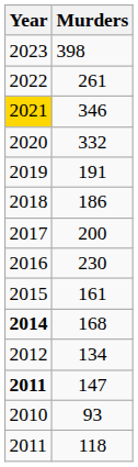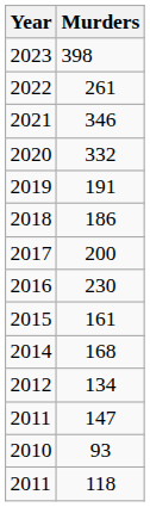 <table class="wikitable">
 <tr>
 <th>Year</th>
 <th>Murders</th>
 </tr>
 <tr>
 <td>2023</td>
 <td>398</td>
 </tr>
 <tr>
 <td>2022</td>
 <td align=center>261</td>
 </tr>
 <tr>
-<td style="background: gold;">2021</td>
+<td>2021</td>
 <td align=center>346</td>
 </tr>
 <tr>
 <td>2020</td>
 <td align=center>332</td>
 </tr>
 <tr>
 <td>2019</td>
 <td align=center>191</td>
 </tr>
 <tr>
 <td>2018</td>
 <td align=center>186</td>
 </tr>
 <tr>
 <td>2017</td>
 <td align=center>200</td>
 </tr>
 <tr>
 <td>2016</td>
 <td align=center>230</td>
 </tr>
 <tr>
 <td>2015</td>
 <td align=center>161</td>
 </tr>
 <tr>
-<td><strong>2014</strong></td>
+<td>2014</td>
 <td align=center>168</td>
 </tr>
 <tr>
 <td>2012</td>
 <td align=center>134</td>
 </tr>
 <tr>
-<td><strong>2011</strong></td>
+<td>2011</td>
 <td align=center>147</td>
 </tr>
 <tr>
 <td>2010</td>
 <td align=center>93</td>
 </tr>
 <tr>
 <td>2011</td>
 <td align=center>118</td>
 </tr>
 </table>
